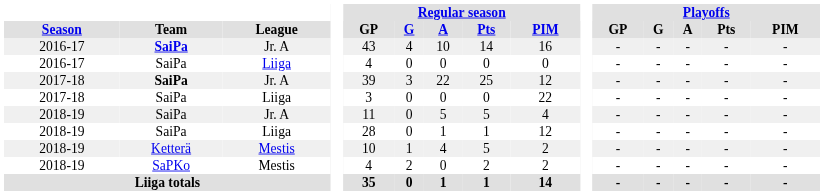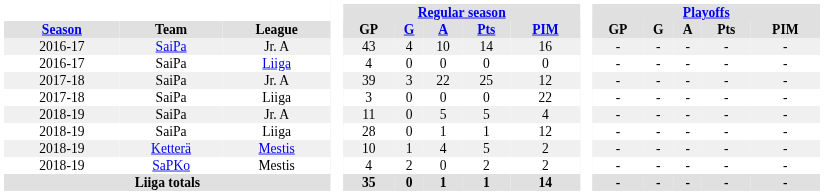 <table border="0" cellpadding="1" cellspacing="0" style="text-align:center; width:60em;">
 <tr style="background:#e0e0e0;">
 <th colspan="3"  bgcolor="#ffffff"> </th>
 <th rowspan="99" bgcolor="#ffffff"> </th>
 <th colspan="5"><a href='#'>Regular season</a></th>
 <th rowspan="99" bgcolor="#ffffff"> </th>
 <th colspan="5"><a href='#'>Playoffs</a></th>
 </tr>
 <tr style="background:#e0e0e0;">
 <th><a href='#'>Season</a></th>
 <th>Team</th>
 <th>League</th>
 <th>GP</th>
 <th><a href='#'>G</a></th>
 <th><a href='#'>A</a></th>
 <th><a href='#'>Pts</a></th>
 <th><a href='#'>PIM</a></th>
 <th>GP</th>
 <th>G</th>
 <th>A</th>
 <th>Pts</th>
 <th>PIM</th>
 </tr>
 <tr ALIGN="center" bgcolor="f0f0f0">
 <td>2016-17</td>
-<td><strong><a href='#'>SaiPa</a></strong></td>
+<td><a href='#'>SaiPa</a></td>
 <td>Jr. A</td>
 <td>43</td>
 <td>4</td>
 <td>10</td>
 <td>14</td>
 <td>16</td>
 <td>-</td>
 <td>-</td>
 <td>-</td>
 <td>-</td>
 <td>-</td>
 </tr>
 <tr ALIGN="center">
 <td>2016-17</td>
 <td>SaiPa</td>
 <td><a href='#'>Liiga</a></td>
 <td>4</td>
 <td>0</td>
 <td>0</td>
 <td>0</td>
 <td>0</td>
 <td>-</td>
 <td>-</td>
 <td>-</td>
 <td>-</td>
 <td>-</td>
 </tr>
 <tr ALIGN="center" bgcolor="f0f0f0">
 <td>2017-18</td>
-<td><strong>SaiPa</strong></td>
+<td>SaiPa</td>
 <td>Jr. A</td>
 <td>39</td>
 <td>3</td>
 <td>22</td>
 <td>25</td>
 <td>12</td>
 <td>-</td>
 <td>-</td>
 <td>-</td>
 <td>-</td>
 <td>-</td>
 </tr>
 <tr ALIGN="center">
 <td>2017-18</td>
 <td>SaiPa</td>
 <td>Liiga</td>
 <td>3</td>
 <td>0</td>
 <td>0</td>
 <td>0</td>
 <td>22</td>
 <td>-</td>
 <td>-</td>
 <td>-</td>
 <td>-</td>
 <td>-</td>
 </tr>
 <tr ALIGN="center" bgcolor="f0f0f0">
 <td>2018-19</td>
 <td>SaiPa</td>
 <td>Jr. A</td>
 <td>11</td>
 <td>0</td>
 <td>5</td>
 <td>5</td>
 <td>4</td>
 <td>-</td>
 <td>-</td>
 <td>-</td>
 <td>-</td>
 <td>-</td>
 </tr>
 <tr ALIGN="center">
 <td>2018-19</td>
 <td>SaiPa</td>
 <td>Liiga</td>
 <td>28</td>
 <td>0</td>
 <td>1</td>
 <td>1</td>
 <td>12</td>
 <td>-</td>
 <td>-</td>
 <td>-</td>
 <td>-</td>
 <td>-</td>
 </tr>
 <tr ALIGN="center" bgcolor="f0f0f0">
 <td>2018-19</td>
 <td><a href='#'>Ketterä</a></td>
 <td><a href='#'>Mestis</a></td>
 <td>10</td>
 <td>1</td>
 <td>4</td>
 <td>5</td>
 <td>2</td>
 <td>-</td>
 <td>-</td>
 <td>-</td>
 <td>-</td>
 <td>-</td>
 </tr>
 <tr ALIGN="center">
 <td>2018-19</td>
 <td><a href='#'>SaPKo</a></td>
 <td>Mestis</td>
 <td>4</td>
 <td>2</td>
 <td>0</td>
 <td>2</td>
 <td>2</td>
 <td>-</td>
 <td>-</td>
 <td>-</td>
 <td>-</td>
 <td>-</td>
 </tr>
 <tr ALIGN="center" bgcolor="#e0e0e0">
 <th colspan="3">Liiga totals</th>
 <th>35</th>
 <th>0</th>
 <th>1</th>
 <th>1</th>
 <th>14</th>
 <th>-</th>
 <th>-</th>
 <th>-</th>
 <th>-</th>
 <th>-</th>
 </tr>
 </table>
